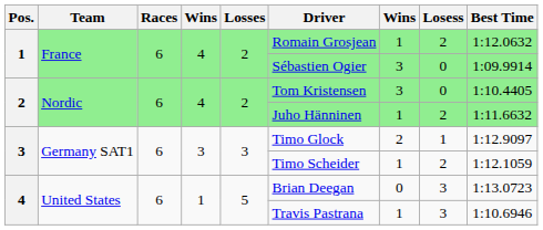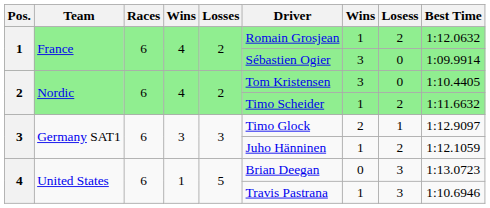 <table class="wikitable" style="font-size: 95%;">
 <tr>
 <th>Pos.</th>
 <th>Team</th>
 <th>Races</th>
 <th>Wins</th>
 <th>Losses</th>
 <th>Driver</th>
 <th>Wins</th>
 <th>Losess</th>
 <th>Best Time</th>
 </tr>
 <tr style="background:lightgreen;">
 <th rowspan=2>1</th>
 <td rowspan=2> <a href='#'>France</a></td>
 <td rowspan=2 align=center>6</td>
 <td rowspan=2 align=center>4</td>
 <td rowspan=2 align=center>2</td>
 <td> <a href='#'>Romain Grosjean</a></td>
 <td align=center>1</td>
 <td align=center>2</td>
 <td align=center>1:12.0632</td>
 </tr>
 <tr style="background:lightgreen;">
 <td> <a href='#'>Sébastien Ogier</a></td>
 <td align=center>3</td>
 <td align=center>0</td>
 <td align=center>1:09.9914</td>
 </tr>
 <tr style="background:lightgreen;">
 <th rowspan=2>2</th>
 <td rowspan=2> <a href='#'>Nordic</a></td>
 <td rowspan=2 align=center>6</td>
 <td rowspan=2 align=center>4</td>
 <td rowspan=2 align=center>2</td>
 <td> <a href='#'>Tom Kristensen</a></td>
 <td align=center>3</td>
 <td align=center>0</td>
 <td align=center>1:10.4405</td>
 </tr>
 <tr style="background:lightgreen;">
-<td> <a href='#'>Juho Hänninen</a></td>
+<td> <a href='#'>Timo Scheider</a></td>
 <td align=center>1</td>
 <td align=center>2</td>
 <td align=center>1:11.6632</td>
 </tr>
 <tr>
 <th rowspan=2>3</th>
 <td rowspan=2> <a href='#'>Germany</a> SAT1</td>
 <td rowspan=2 align=center>6</td>
 <td rowspan=2 align=center>3</td>
 <td rowspan=2 align=center>3</td>
 <td> <a href='#'>Timo Glock</a></td>
 <td align=center>2</td>
 <td align=center>1</td>
 <td align=center>1:12.9097</td>
 </tr>
 <tr>
-<td> <a href='#'>Timo Scheider</a></td>
+<td> <a href='#'>Juho Hänninen</a></td>
 <td align=center>1</td>
 <td align=center>2</td>
 <td align=center>1:12.1059</td>
 </tr>
 <tr>
 <th rowspan=2>4</th>
 <td rowspan=2> <a href='#'>United States</a></td>
 <td rowspan=2 align=center>6</td>
 <td rowspan=2 align=center>1</td>
 <td rowspan=2 align=center>5</td>
 <td> <a href='#'>Brian Deegan</a></td>
 <td align=center>0</td>
 <td align=center>3</td>
 <td align=center>1:13.0723</td>
 </tr>
 <tr>
 <td> <a href='#'>Travis Pastrana</a></td>
 <td align=center>1</td>
 <td align=center>3</td>
 <td align=center>1:10.6946</td>
 </tr>
 </table>
